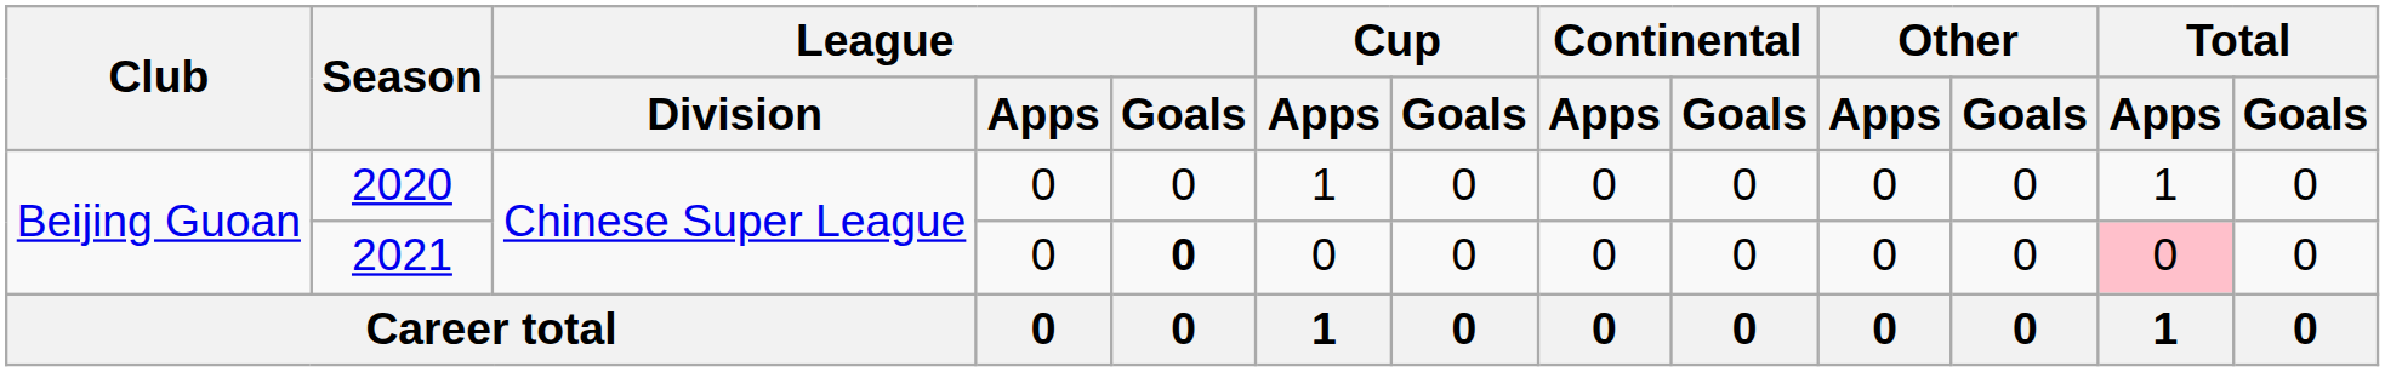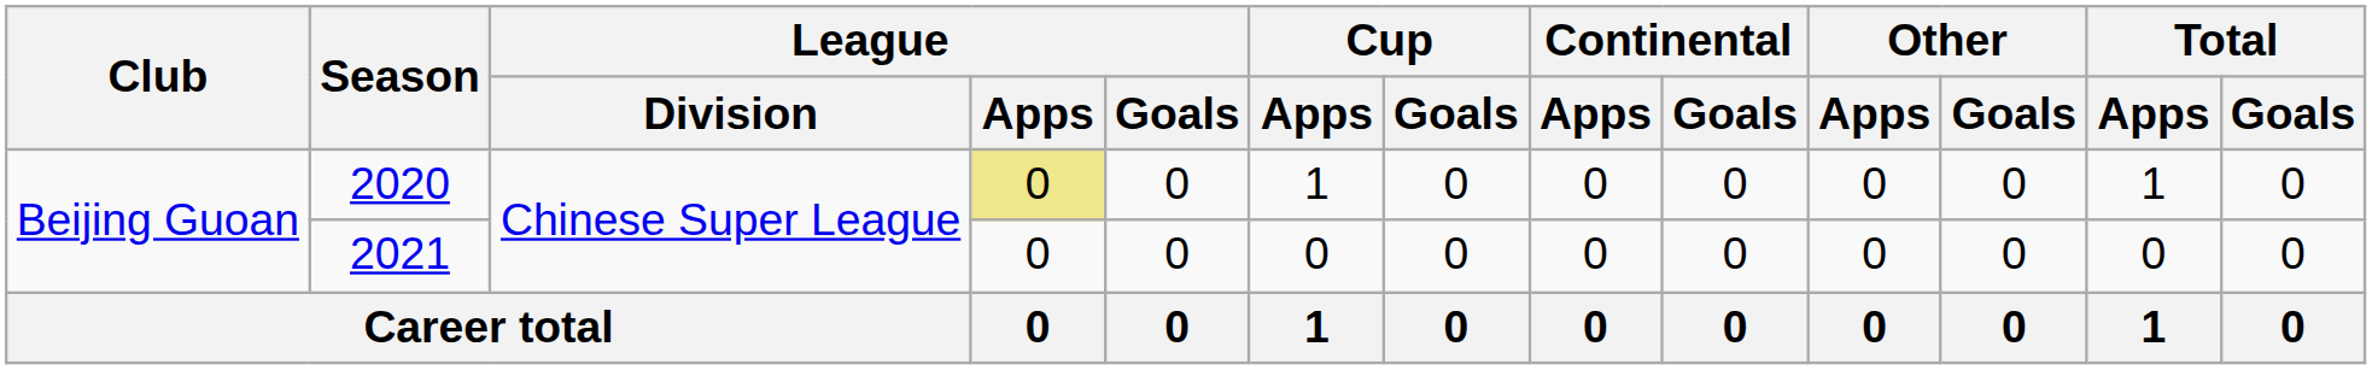 <table class="wikitable" style="text-align: center">
 <tr>
 <th rowspan="2">Club</th>
 <th rowspan="2">Season</th>
 <th colspan="3">League</th>
 <th colspan="2">Cup</th>
 <th colspan="2">Continental</th>
 <th colspan="2">Other</th>
 <th colspan="2">Total</th>
 </tr>
 <tr>
 <th>Division</th>
 <th>Apps</th>
 <th>Goals</th>
 <th>Apps</th>
 <th>Goals</th>
 <th>Apps</th>
 <th>Goals</th>
 <th>Apps</th>
 <th>Goals</th>
 <th>Apps</th>
 <th>Goals</th>
 </tr>
 <tr>
 <td rowspan="2"><a href='#'>Beijing Guoan</a></td>
 <td><a href='#'>2020</a></td>
 <td rowspan="2"><a href='#'>Chinese Super League</a></td>
-<td>0</td>
+<td style="background: khaki;">0</td>
 <td>0</td>
 <td>1</td>
 <td>0</td>
 <td>0</td>
 <td>0</td>
 <td>0</td>
 <td>0</td>
 <td>1</td>
 <td>0</td>
 </tr>
 <tr>
 <td><a href='#'>2021</a></td>
 <td>0</td>
-<td><strong>0</strong></td>
 <td>0</td>
 <td>0</td>
 <td>0</td>
 <td>0</td>
 <td>0</td>
 <td>0</td>
-<td style="background: pink;">0</td>
+<td>0</td>
+<td>0</td>
 <td>0</td>
 </tr>
 <tr>
 <th colspan=3>Career total</th>
 <th>0</th>
 <th>0</th>
 <th>1</th>
 <th>0</th>
 <th>0</th>
 <th>0</th>
 <th>0</th>
 <th>0</th>
 <th>1</th>
 <th>0</th>
 </tr>
 </table>
